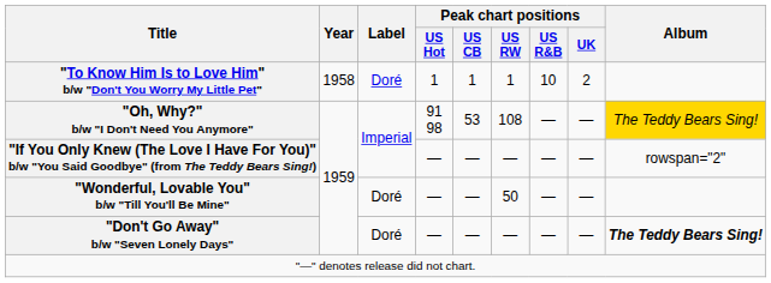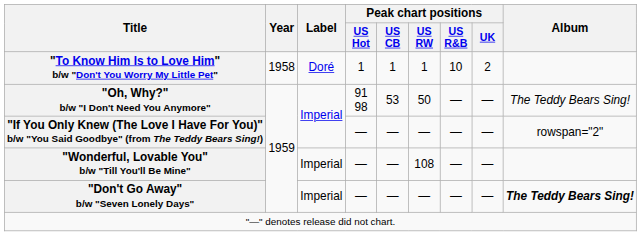 <table class="wikitable plainrowheaders" style="text-align:center;">
 <tr>
 <th rowspan="2">Title</th>
 <th rowspan="2">Year</th>
 <th rowspan="2">Label</th>
 <th colspan="5">Peak chart positions</th>
 <th rowspan="2">Album</th>
 </tr>
 <tr>
 <th scope="col" style="width:2.5em;font-size:90%;"><a href='#'>US<br>Hot</a></th>
 <th scope="col" style="width:2.5em;font-size:90%;"><a href='#'>US<br>CB</a></th>
 <th scope="col" style="width:2.5em;font-size:90%;"><a href='#'>US<br>RW</a></th>
 <th scope="col" style="width:2.5em;font-size:90%;"><a href='#'>US<br>R&B</a></th>
 <th scope="col" style="width:2.5em;font-size:90%;"><a href='#'>UK</a></th>
 </tr>
 <tr>
 <th scope="row">"<a href='#'>To Know Him Is to Love Him</a>"<br><small>b/w "<a href='#'>Don't You Worry My Little Pet</a>"</small></th>
 <td>1958</td>
 <td><a href='#'>Doré</a></td>
 <td>1</td>
 <td>1</td>
 <td>1</td>
 <td>10</td>
 <td>2</td>
 <td></td>
 </tr>
 <tr>
 <th scope="row">"Oh, Why?"<br><small>b/w "I Don't Need You Anymore"</small></th>
 <td rowspan="4">1959</td>
 <td rowspan="2"><a href='#'>Imperial</a></td>
 <td>91<br>98</td>
 <td>53</td>
-<td>108</td>
+<td>50</td>
 <td>—</td>
 <td>—</td>
-<td style="background: gold;"><em>The Teddy Bears Sing!</em></td>
+<td><em>The Teddy Bears Sing!</em></td>
 </tr>
 <tr>
 <th scope="row">"If You Only Knew (The Love I Have For You)"<br><small>b/w "You Said Goodbye" (from <em>The Teddy Bears Sing!</em>)</small></th>
 <td>—</td>
 <td>—</td>
 <td>—</td>
 <td>—</td>
 <td>—</td>
 <td>rowspan="2" </td>
 </tr>
 <tr>
 <th scope="row">"Wonderful, Lovable You"<br><small>b/w "Till You'll Be Mine"</small></th>
-<td>Doré</td>
+<td>Imperial</td>
 <td>—</td>
 <td>—</td>
-<td>50</td>
+<td>108</td>
 <td>—</td>
 <td>—</td>
 </tr>
 <tr>
 <th scope="row">"Don't Go Away"<br><small>b/w "Seven Lonely Days"</small></th>
-<td>Doré</td>
+<td>Imperial</td>
 <td>—</td>
 <td>—</td>
 <td>—</td>
 <td>—</td>
 <td>—</td>
 <td><strong><em>The Teddy Bears Sing!</em></strong></td>
 </tr>
 <tr>
 <td colspan="9"><small>"—" denotes release did not chart.</small></td>
 </tr>
 </table>
